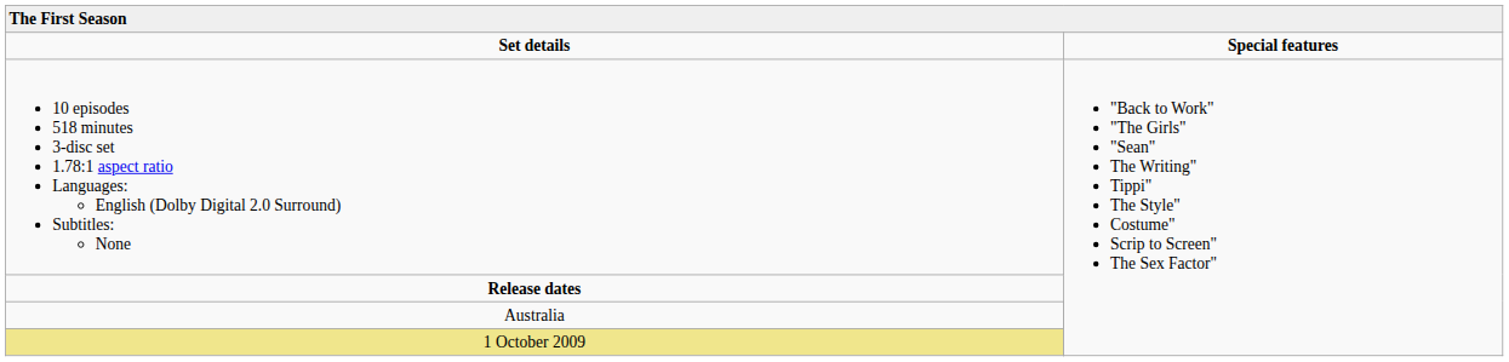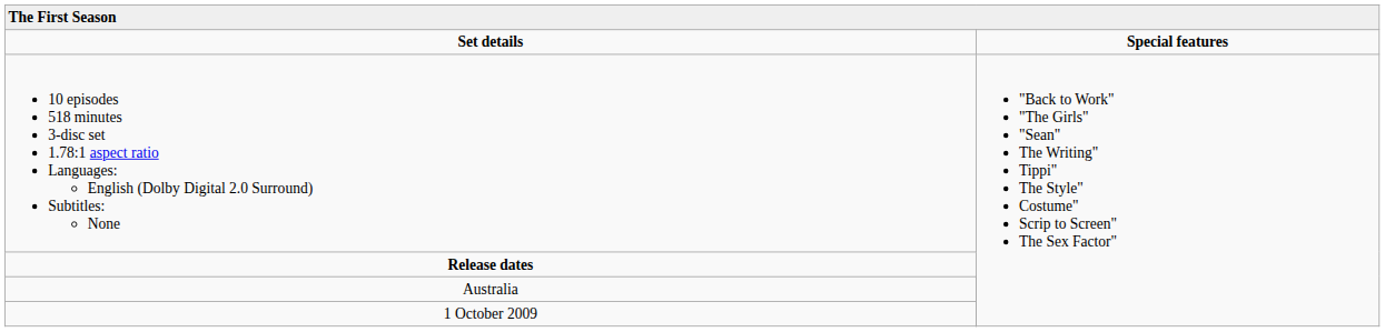 <table class="wikitable" style="width:70%; font-size:95%;">
 <tr style="background:#EFEFEF">
 <td colspan="6"><strong>The First Season</strong></td>
 </tr>
 <tr style="text-align:center;">
 <td style="width:300px;" colspan="3"><strong>Set details</strong></td>
 <td style="width:400px; "><strong>Special features</strong></td>
 </tr>
 <tr valign="top">
 <td colspan="3"  style="text-align:left; width:300px;"><br><ul><li>10 episodes</li><li>518 minutes</li><li>3-disc set</li><li>1.78:1 <a href='#'>aspect ratio</a></li><li>Languages:<ul><li>English (Dolby Digital 2.0 Surround)</li></ul></li><li>Subtitles:<ul><li>None</li></ul></li></ul></td>
 <td rowspan="4"  style="text-align:left; width:400px;"><br><ul><li>"Back to Work"</li><li>"The Girls"</li><li>"Sean"</li><li>The Writing"</li><li>Tippi"</li><li>The Style"</li><li>Costume"</li><li>Scrip to Screen"</li><li>The Sex Factor"</li></ul></td>
 </tr>
 <tr>
 <td colspan="3" style="text-align:center;"><strong>Release dates</strong></td>
 </tr>
 <tr>
 <td style="text-align:center;">Australia</td>
 </tr>
 <tr>
-<td style="background: khaki; text-align:center;">1 October 2009</td>
+<td style="text-align:center;">1 October 2009</td>
 </tr>
 </table>
